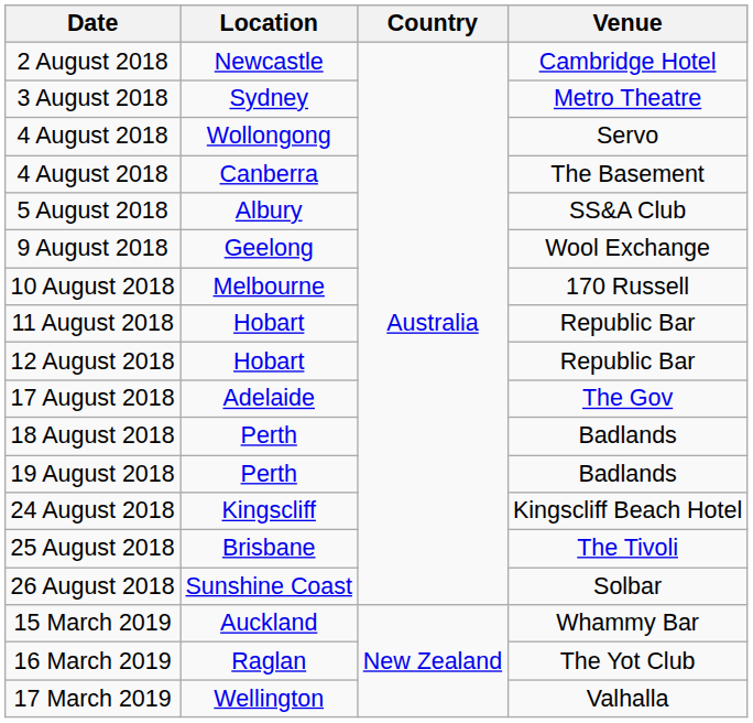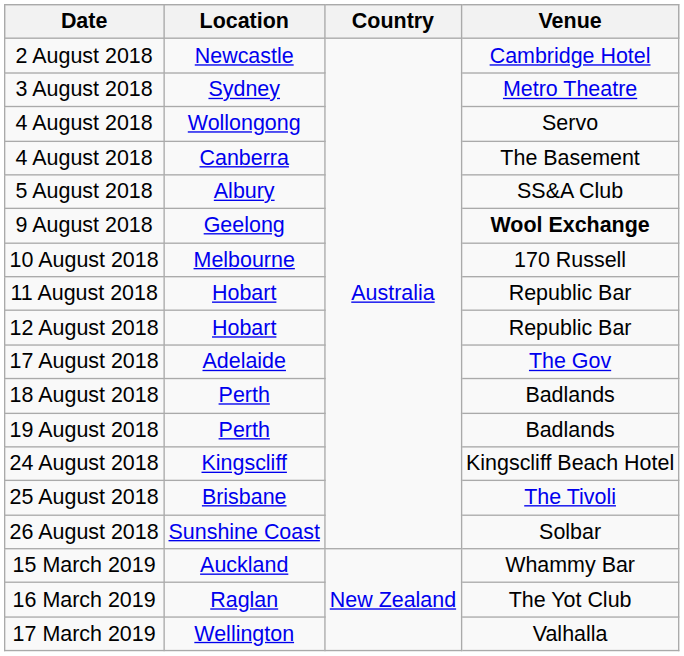 <table class="wikitable" style="text-align:center;">
 <tr bgcolor="#CCCCCC">
 <th>Date</th>
 <th>Location</th>
 <th>Country</th>
 <th>Venue</th>
 </tr>
 <tr>
 <td>2 August 2018</td>
 <td><a href='#'>Newcastle</a></td>
 <td rowspan="15"><a href='#'>Australia</a></td>
 <td><a href='#'>Cambridge Hotel</a></td>
 </tr>
 <tr>
 <td>3 August 2018</td>
 <td><a href='#'>Sydney</a></td>
 <td><a href='#'>Metro Theatre</a></td>
 </tr>
 <tr>
 <td>4 August 2018</td>
 <td><a href='#'>Wollongong</a></td>
 <td>Servo</td>
 </tr>
 <tr>
 <td>4 August 2018</td>
 <td><a href='#'>Canberra</a></td>
 <td>The Basement</td>
 </tr>
 <tr>
 <td>5 August 2018</td>
 <td><a href='#'>Albury</a></td>
 <td>SS&A Club</td>
 </tr>
 <tr>
 <td>9 August 2018</td>
 <td><a href='#'>Geelong</a></td>
-<td>Wool Exchange</td>
+<td><strong>Wool Exchange</strong></td>
 </tr>
 <tr>
 <td>10 August 2018</td>
 <td><a href='#'>Melbourne</a></td>
 <td>170 Russell</td>
 </tr>
 <tr>
 <td>11 August 2018</td>
 <td><a href='#'>Hobart</a></td>
 <td>Republic Bar</td>
 </tr>
 <tr>
 <td>12 August 2018</td>
 <td><a href='#'>Hobart</a></td>
 <td>Republic Bar</td>
 </tr>
 <tr>
 <td>17 August 2018</td>
 <td><a href='#'>Adelaide</a></td>
 <td><a href='#'>The Gov</a></td>
 </tr>
 <tr>
 <td>18 August 2018</td>
 <td><a href='#'>Perth</a></td>
 <td>Badlands</td>
 </tr>
 <tr>
 <td>19 August 2018</td>
 <td><a href='#'>Perth</a></td>
 <td>Badlands</td>
 </tr>
 <tr>
 <td>24 August 2018</td>
 <td><a href='#'>Kingscliff</a></td>
 <td>Kingscliff Beach Hotel</td>
 </tr>
 <tr>
 <td>25 August 2018</td>
 <td><a href='#'>Brisbane</a></td>
 <td><a href='#'>The Tivoli</a></td>
 </tr>
 <tr>
 <td>26 August 2018</td>
 <td><a href='#'>Sunshine Coast</a></td>
 <td>Solbar</td>
 </tr>
 <tr>
 <td>15 March 2019</td>
 <td><a href='#'>Auckland</a></td>
 <td rowspan="3"><a href='#'>New Zealand</a></td>
 <td>Whammy Bar</td>
 </tr>
 <tr>
 <td>16 March 2019</td>
 <td><a href='#'>Raglan</a></td>
 <td>The Yot Club</td>
 </tr>
 <tr>
 <td>17 March 2019</td>
 <td><a href='#'>Wellington</a></td>
 <td>Valhalla</td>
 </tr>
 </table>
